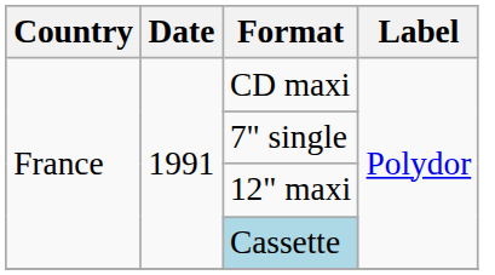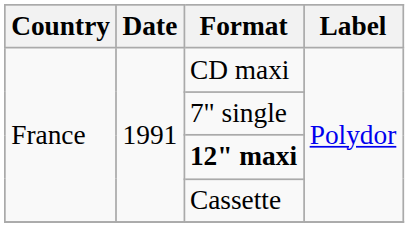 <table class=wikitable>
 <tr>
 <th>Country</th>
 <th>Date</th>
 <th>Format</th>
 <th>Label</th>
 </tr>
 <tr>
 <td rowspan="4">France</td>
 <td rowspan="4">1991</td>
 <td>CD maxi</td>
 <td rowspan="4"><a href='#'>Polydor</a></td>
 </tr>
 <tr>
 <td>7" single</td>
 </tr>
 <tr>
-<td>12" maxi</td>
+<td><strong>12" maxi</strong></td>
 </tr>
 <tr>
-<td style="background: lightblue;">Cassette</td>
+<td>Cassette</td>
 </tr>
 <tr>
 </tr>
 </table>
